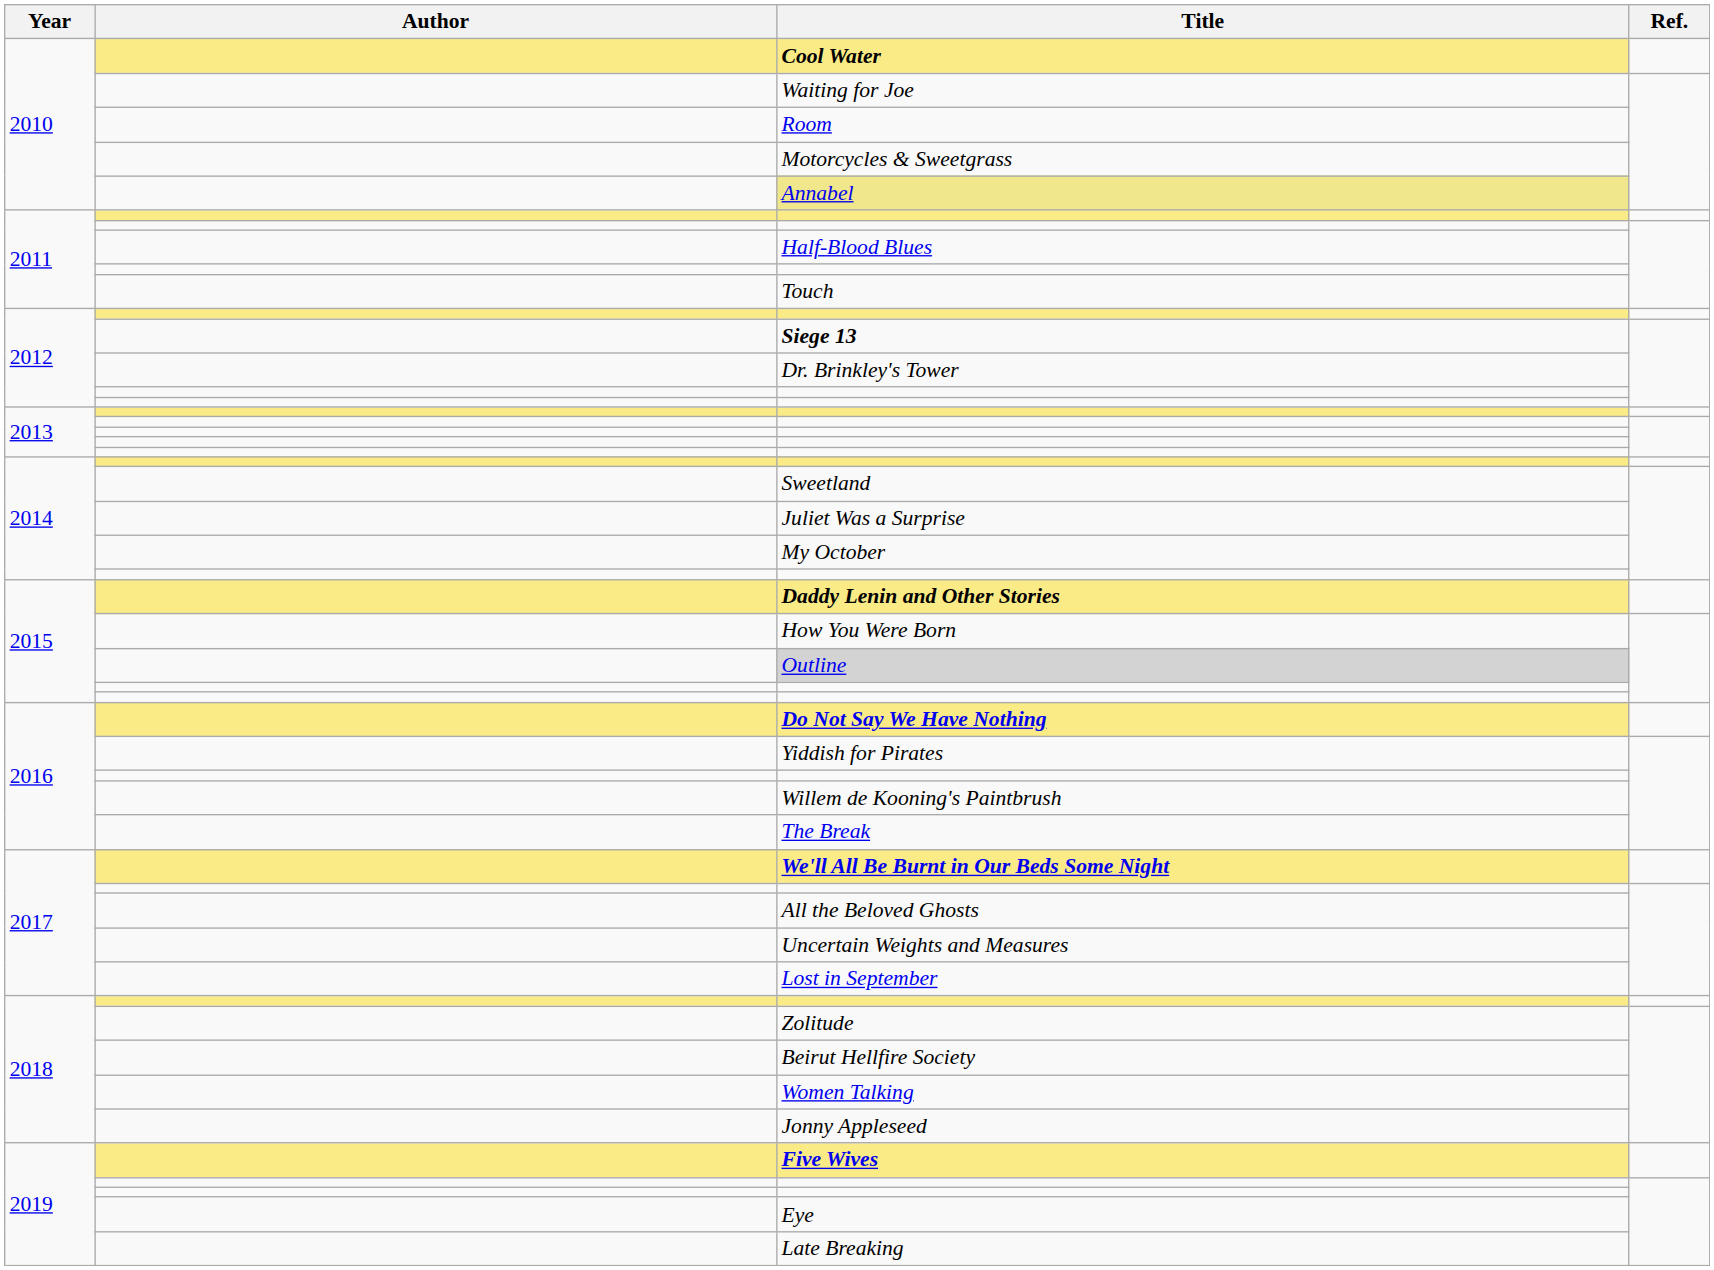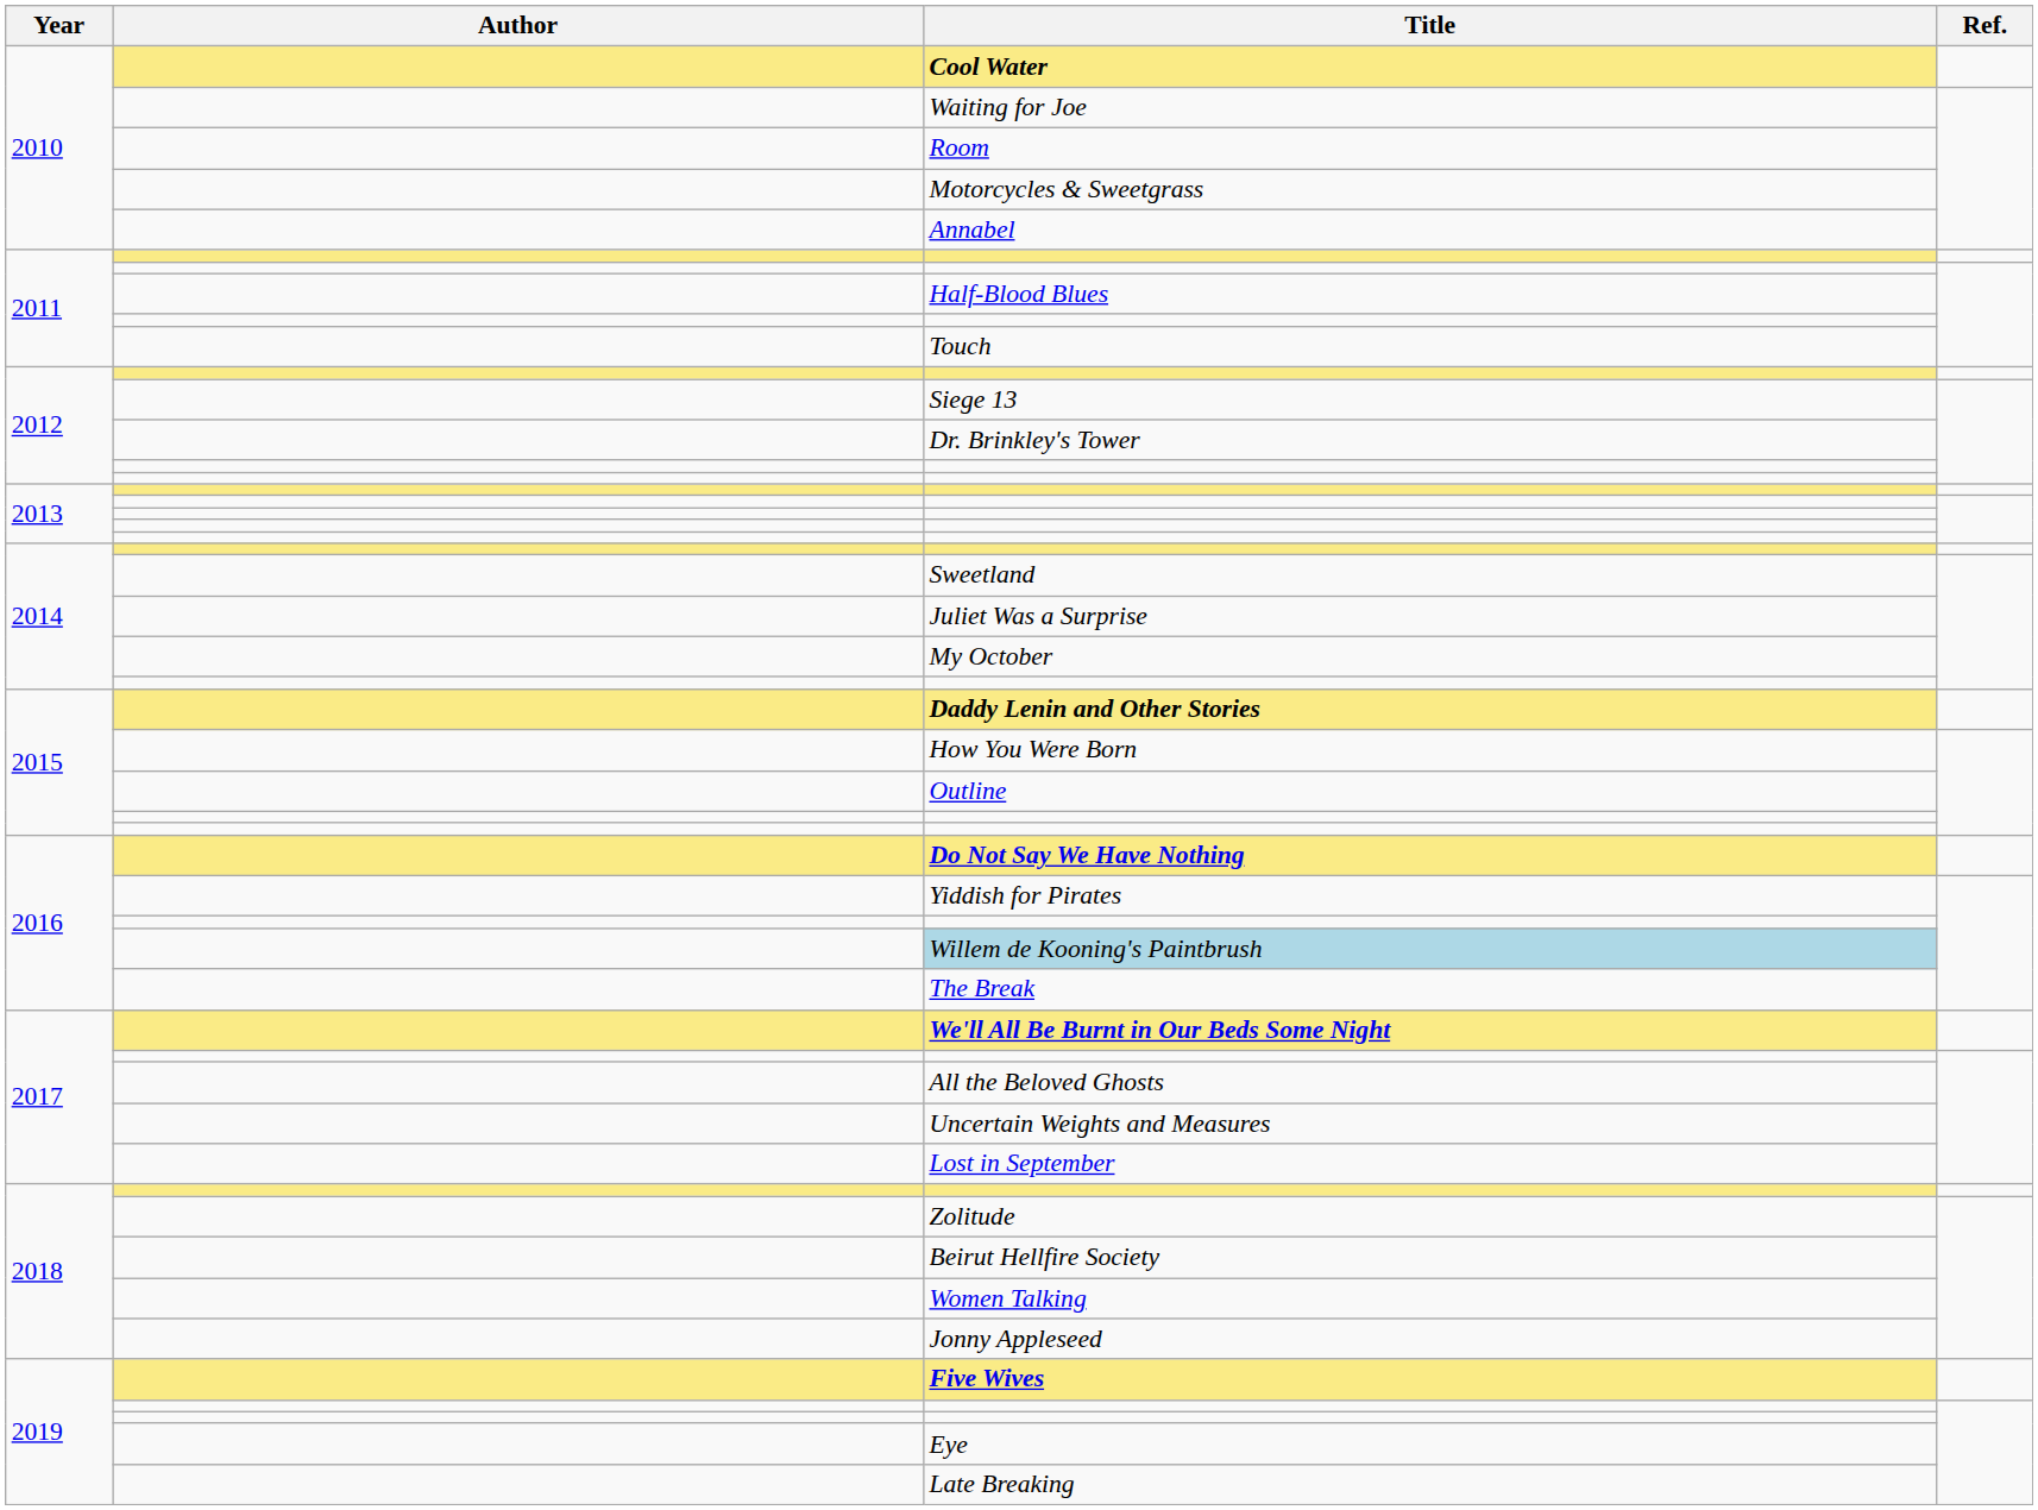 <table class="wikitable sortable mw-collapsible" width="100%">
 <tr>
 <th>Year</th>
 <th width="40%">Author</th>
 <th width="50%">Title</th>
 <th>Ref.</th>
 </tr>
 <tr>
 <td rowspan="5"><a href='#'>2010</a></td>
 <td style="background:#FAEB86"><strong></strong></td>
 <td style="background:#FAEB86"><strong><em>Cool Water</em></strong></td>
 <td></td>
 </tr>
 <tr>
 <td></td>
 <td><em>Waiting for Joe</em></td>
 <td rowspan=4></td>
 </tr>
 <tr>
 <td></td>
 <td><em><a href='#'>Room</a></em></td>
 </tr>
 <tr>
 <td></td>
 <td><em>Motorcycles & Sweetgrass</em></td>
 </tr>
 <tr>
 <td></td>
-<td style="background: khaki;"><em><a href='#'>Annabel</a></em></td>
+<td><em><a href='#'>Annabel</a></em></td>
 </tr>
 <tr>
 <td rowspan="5"><a href='#'>2011</a></td>
 <td style="background:#FAEB86"><strong> </strong></td>
 <td style="background:#FAEB86"><strong><em></em></strong></td>
 <td></td>
 </tr>
 <tr>
 <td></td>
 <td><em></em></td>
 <td rowspan=4></td>
 </tr>
 <tr>
 <td></td>
 <td><em><a href='#'>Half-Blood Blues</a></em></td>
 </tr>
 <tr>
 <td></td>
 <td><em></em></td>
 </tr>
 <tr>
 <td></td>
 <td><em>Touch</em></td>
 </tr>
 <tr>
 <td rowspan="5"><a href='#'>2012</a></td>
 <td style="background:#FAEB86"><strong></strong></td>
 <td style="background:#FAEB86"><strong><em></em></strong></td>
 <td></td>
 </tr>
 <tr>
 <td></td>
-<td><strong><em>Siege 13</em></strong></td>
+<td><em>Siege 13</em></td>
 <td rowspan=4></td>
 </tr>
 <tr>
 <td></td>
 <td><em>Dr. Brinkley's Tower</em></td>
 </tr>
 <tr>
 <td></td>
 <td><em></em></td>
 </tr>
 <tr>
 <td></td>
 <td><em></em></td>
 </tr>
 <tr>
 <td rowspan="5"><a href='#'>2013</a></td>
 <td style="background:#FAEB86"><strong></strong></td>
 <td style="background:#FAEB86"><strong><em></em></strong></td>
 <td></td>
 </tr>
 <tr>
 <td></td>
 <td><em></em></td>
 <td rowspan=4></td>
 </tr>
 <tr>
 <td></td>
 <td><em></em></td>
 </tr>
 <tr>
 <td></td>
 <td><em></em></td>
 </tr>
 <tr>
 <td></td>
 <td><em></em></td>
 </tr>
 <tr>
 <td rowspan="5"><a href='#'>2014</a></td>
 <td style="background:#FAEB86"><strong></strong></td>
 <td style="background:#FAEB86"><strong><em></em></strong></td>
 <td></td>
 </tr>
 <tr>
 <td></td>
 <td><em>Sweetland</em></td>
 <td rowspan=4></td>
 </tr>
 <tr>
 <td></td>
 <td><em>Juliet Was a Surprise</em></td>
 </tr>
 <tr>
 <td></td>
 <td><em>My October</em></td>
 </tr>
 <tr>
 <td></td>
 <td><em></em></td>
 </tr>
 <tr>
 <td rowspan="5"><a href='#'>2015</a></td>
 <td style="background:#FAEB86"><strong></strong></td>
 <td style="background:#FAEB86"><strong><em>Daddy Lenin and Other Stories</em></strong></td>
 <td></td>
 </tr>
 <tr>
 <td></td>
 <td><em>How You Were Born</em></td>
 <td rowspan=4></td>
 </tr>
 <tr>
 <td></td>
-<td style="background: lightgrey;"><em><a href='#'>Outline</a></em></td>
+<td><em><a href='#'>Outline</a></em></td>
 </tr>
 <tr>
 <td></td>
 <td><em></em></td>
 </tr>
 <tr>
 <td></td>
 <td><em></em></td>
 </tr>
 <tr>
 <td rowspan="5"><a href='#'>2016</a></td>
 <td style="background:#FAEB86"><strong></strong></td>
 <td style="background:#FAEB86"><strong><em><a href='#'>Do Not Say We Have Nothing</a></em></strong></td>
 <td></td>
 </tr>
 <tr>
 <td></td>
 <td><em>Yiddish for Pirates</em></td>
 <td rowspan=4></td>
 </tr>
 <tr>
 <td></td>
 <td><em></em></td>
 </tr>
 <tr>
 <td></td>
-<td><em>Willem de Kooning's Paintbrush</em></td>
+<td style="background: lightblue;"><em>Willem de Kooning's Paintbrush</em></td>
 </tr>
 <tr>
 <td></td>
 <td><a href='#'><em>The Break</em></a></td>
 </tr>
 <tr>
 <td rowspan="5"><a href='#'>2017</a></td>
 <td style="background:#FAEB86"><strong></strong></td>
 <td style="background:#FAEB86"><strong><em><a href='#'>We'll All Be Burnt in Our Beds Some Night</a></em></strong></td>
 <td></td>
 </tr>
 <tr>
 <td></td>
 <td><em></em></td>
 <td rowspan=4></td>
 </tr>
 <tr>
 <td></td>
 <td><em>All the Beloved Ghosts</em></td>
 </tr>
 <tr>
 <td></td>
 <td><em>Uncertain Weights and Measures</em></td>
 </tr>
 <tr>
 <td></td>
 <td><em><a href='#'>Lost in September</a></em></td>
 </tr>
 <tr>
 <td rowspan="5"><a href='#'>2018</a></td>
 <td style="background:#FAEB86"><strong></strong></td>
 <td style="background:#FAEB86"><strong><em></em></strong></td>
 <td></td>
 </tr>
 <tr>
 <td></td>
 <td><em>Zolitude</em></td>
 <td rowspan=4></td>
 </tr>
 <tr>
 <td></td>
 <td><em>Beirut Hellfire Society</em></td>
 </tr>
 <tr>
 <td></td>
 <td><em><a href='#'>Women Talking</a></em></td>
 </tr>
 <tr>
 <td></td>
 <td><em>Jonny Appleseed</em></td>
 </tr>
 <tr>
 <td rowspan="5"><a href='#'>2019</a></td>
 <td style="background:#FAEB86"><strong></strong></td>
 <td style="background:#FAEB86"><strong><em><a href='#'>Five Wives</a></em></strong></td>
 <td></td>
 </tr>
 <tr>
 <td></td>
 <td><em></em></td>
 <td rowspan=4></td>
 </tr>
 <tr>
 <td></td>
 <td><em></em></td>
 </tr>
 <tr>
 <td></td>
 <td><em>Eye</em></td>
 </tr>
 <tr>
 <td></td>
 <td><em>Late Breaking</em></td>
 </tr>
 </table>
